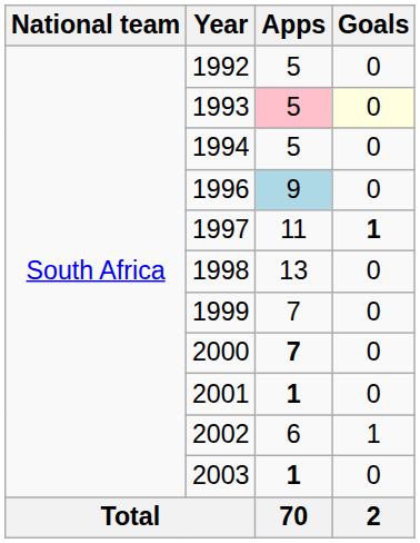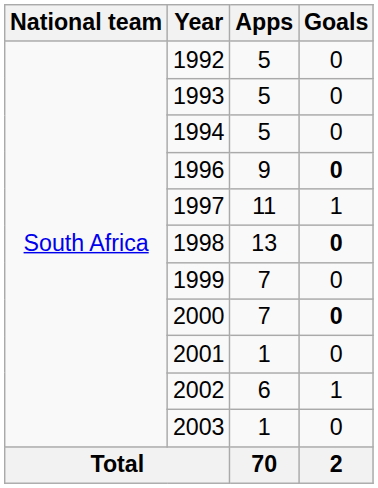 <table class="wikitable" style="text-align:center">
 <tr>
 <th>National team</th>
 <th>Year</th>
 <th>Apps</th>
 <th>Goals</th>
 </tr>
 <tr>
 <td rowspan="11"><a href='#'>South Africa</a></td>
 <td>1992</td>
 <td>5</td>
 <td>0</td>
 </tr>
 <tr>
 <td>1993</td>
-<td style="background: pink;">5</td>
-<td style="background: lightyellow;">0</td>
+<td>5</td>
+<td>0</td>
 </tr>
 <tr>
 <td>1994</td>
 <td>5</td>
 <td>0</td>
 </tr>
 <tr>
 <td>1996</td>
-<td style="background: lightblue;">9</td>
-<td>0</td>
+<td>9</td>
+<td><strong>0</strong></td>
 </tr>
 <tr>
 <td>1997</td>
 <td>11</td>
-<td><strong>1</strong></td>
+<td>1</td>
 </tr>
 <tr>
 <td>1998</td>
 <td>13</td>
-<td>0</td>
+<td><strong>0</strong></td>
 </tr>
 <tr>
 <td>1999</td>
 <td>7</td>
 <td>0</td>
 </tr>
 <tr>
 <td>2000</td>
-<td><strong>7</strong></td>
-<td>0</td>
+<td>7</td>
+<td><strong>0</strong></td>
 </tr>
 <tr>
 <td>2001</td>
-<td><strong>1</strong></td>
+<td>1</td>
 <td>0</td>
 </tr>
 <tr>
 <td>2002</td>
 <td>6</td>
 <td>1</td>
 </tr>
 <tr>
 <td>2003</td>
-<td><strong>1</strong></td>
+<td>1</td>
 <td>0</td>
 </tr>
 <tr>
 <th colspan="2">Total</th>
 <th>70</th>
 <th>2</th>
 </tr>
 </table>
